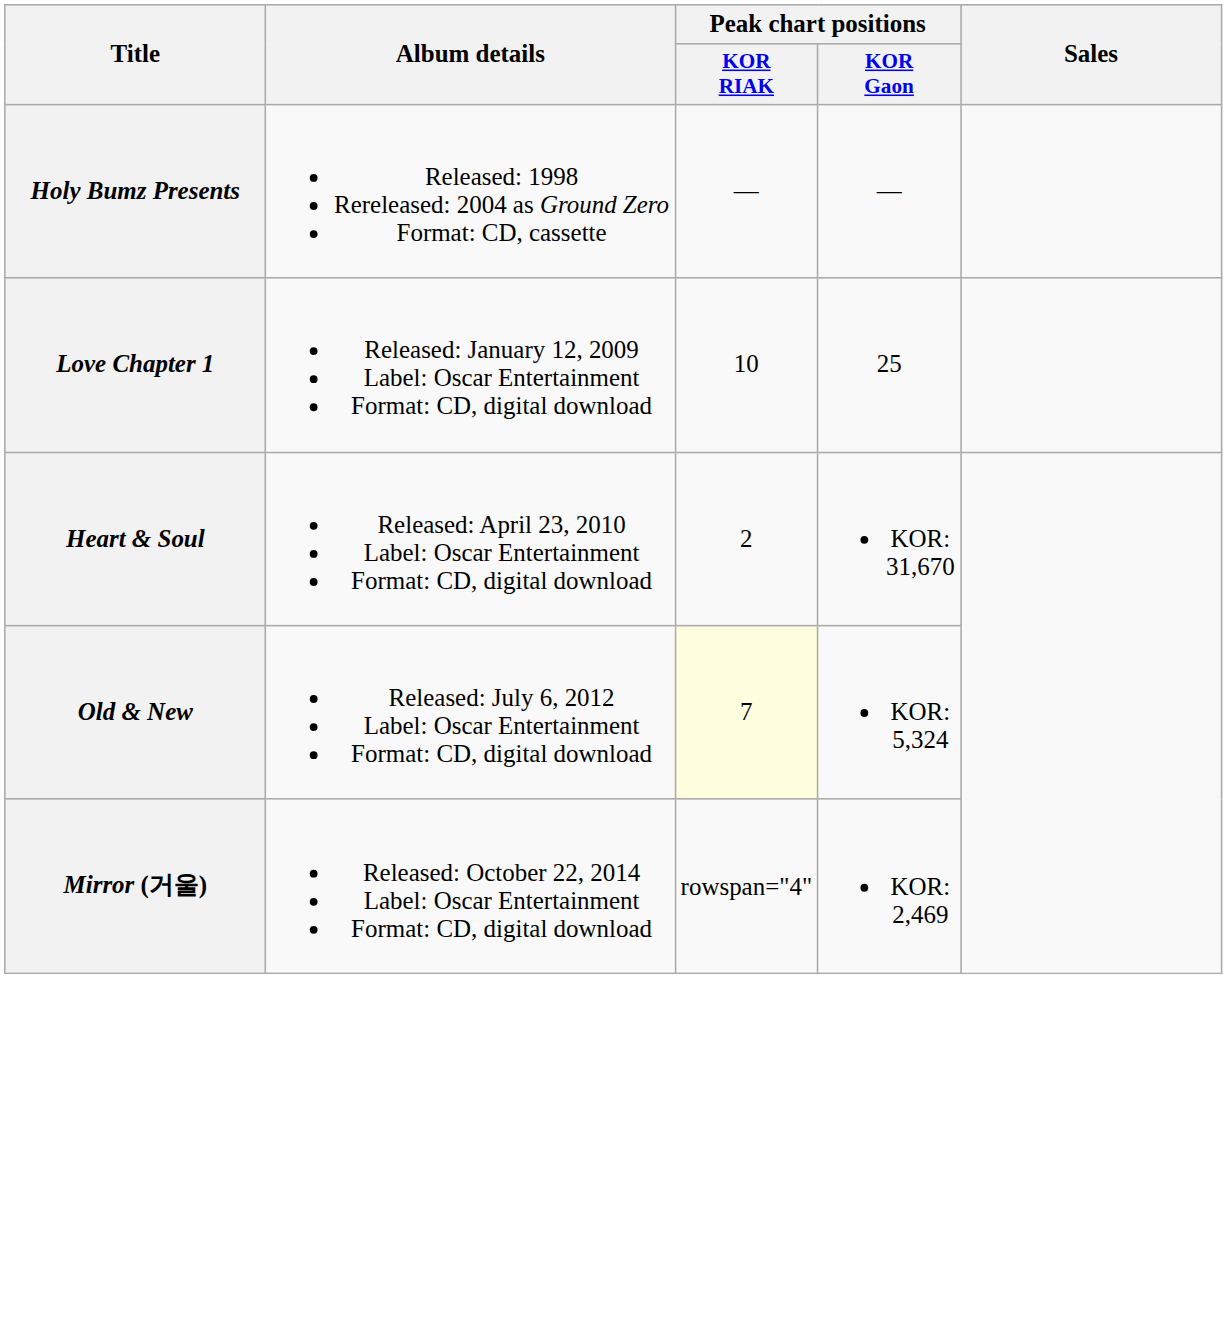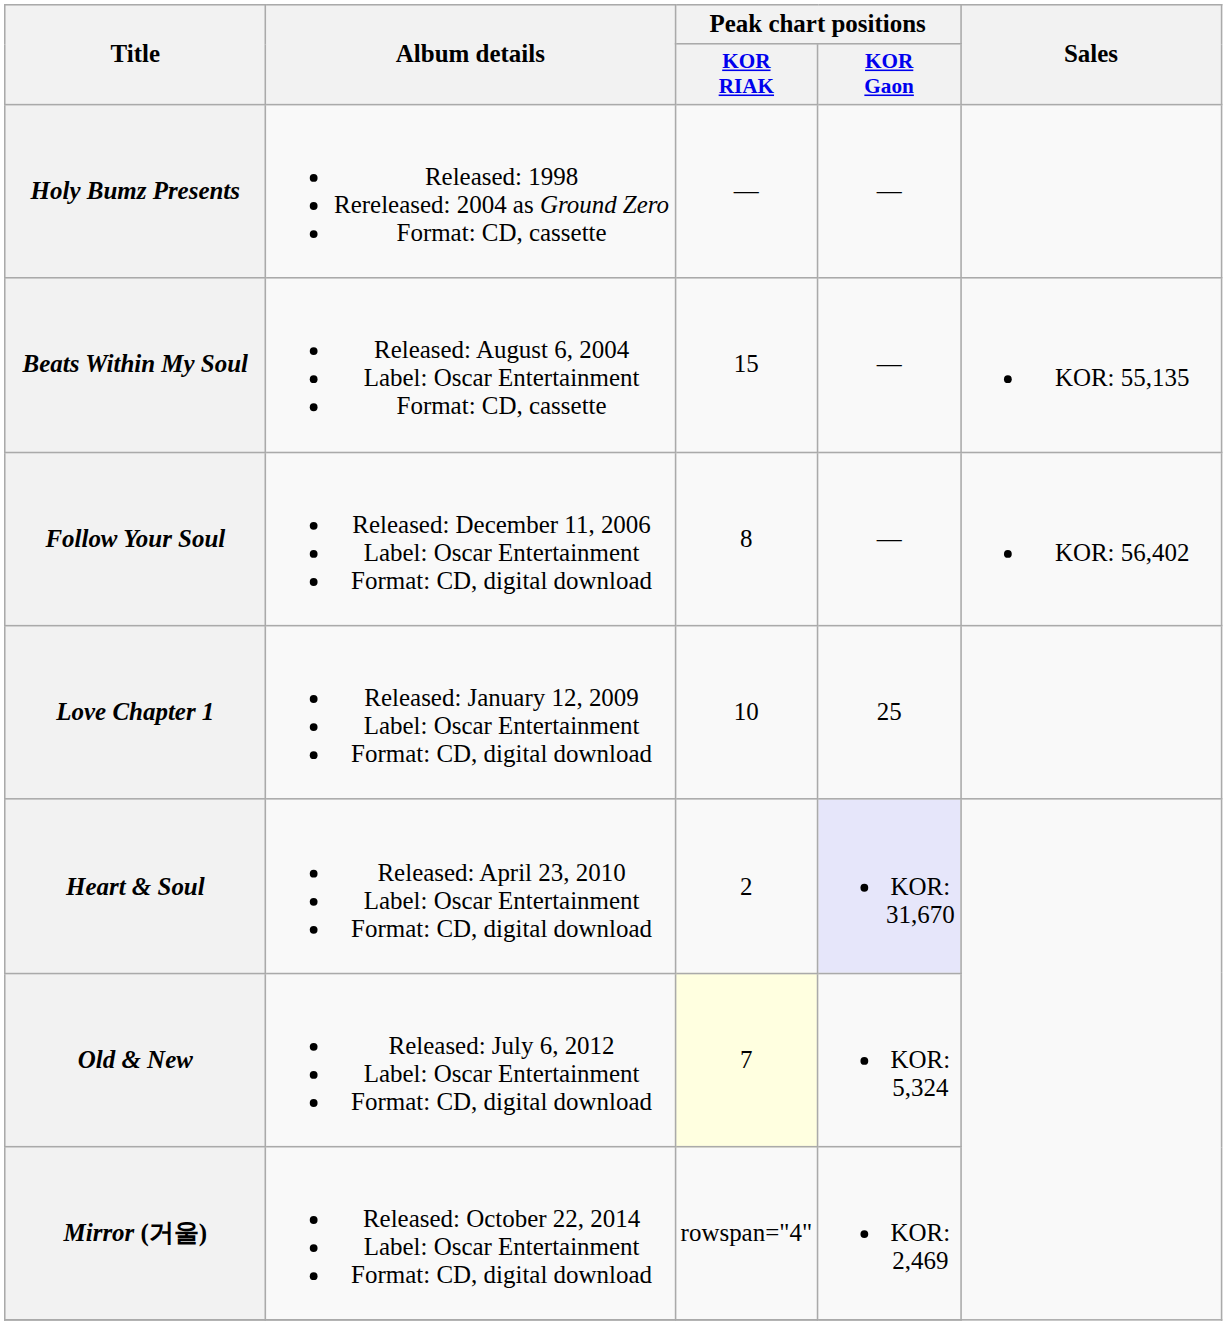 <table class="wikitable plainrowheaders" style="text-align:center;">
 <tr>
 <th rowspan="2" scope="col" style="width:10em;">Title</th>
 <th rowspan="2" scope="col">Album details</th>
 <th colspan="2" scope="col">Peak chart positions</th>
 <th rowspan="2" scope="col" style="width:10em;">Sales</th>
 </tr>
 <tr>
 <th scope="col" style="width:2.5em;font-size:85%;"><a href='#'>KOR<br>RIAK</a><br></th>
 <th scope="col" style="width:2.5em;font-size:85%;"><a href='#'>KOR<br>Gaon</a><br></th>
 </tr>
 <tr>
 <th scope="row"><em>Holy Bumz Presents</em></th>
 <td><br><ul><li>Released: 1998</li><li>Rereleased: 2004 as <em>Ground Zero</em></li><li>Format: CD, cassette</li></ul></td>
 <td>—</td>
 <td>—</td>
 <td></td>
 </tr>
 <tr>
+<th scope="row"><em>Beats Within My Soul</em></th>
+<td><br><ul><li>Released: August 6, 2004</li><li>Label: Oscar Entertainment</li><li>Format: CD, cassette</li></ul></td>
+<td>15</td>
+<td>—</td>
+<td><br><ul><li>KOR: 55,135</li></ul></td>
+</tr>
+<tr>
+<th scope="row"><em>Follow Your Soul</em></th>
+<td><br><ul><li>Released: December 11, 2006</li><li>Label: Oscar Entertainment</li><li>Format: CD, digital download</li></ul></td>
+<td>8</td>
+<td>—</td>
+<td><br><ul><li>KOR: 56,402</li></ul></td>
+</tr>
+<tr>
 <th scope="row"><em>Love Chapter 1</em></th>
 <td><br><ul><li>Released: January 12, 2009</li><li>Label: Oscar Entertainment</li><li>Format: CD, digital download</li></ul></td>
 <td>10</td>
 <td>25</td>
 <td></td>
 </tr>
 <tr>
 <th scope="row"><em>Heart & Soul</em></th>
 <td><br><ul><li>Released: April 23, 2010</li><li>Label: Oscar Entertainment</li><li>Format: CD, digital download</li></ul></td>
 <td>2</td>
-<td><br><ul><li>KOR: 31,670</li></ul></td>
+<td style="background: lavender;"><br><ul><li>KOR: 31,670</li></ul></td>
 </tr>
 <tr>
 <th scope="row"><em>Old & New</em></th>
 <td><br><ul><li>Released: July 6, 2012</li><li>Label: Oscar Entertainment</li><li>Format: CD, digital download</li></ul></td>
 <td style="background: lightyellow;">7</td>
 <td><br><ul><li>KOR: 5,324</li></ul></td>
 </tr>
 <tr>
 <th scope="row"><em>Mirror</em> (거울)</th>
 <td><br><ul><li>Released: October 22, 2014</li><li>Label: Oscar Entertainment</li><li>Format: CD, digital download</li></ul></td>
 <td>rowspan="4" </td>
 <td><br><ul><li>KOR: 2,469</li></ul></td>
 </tr>
 <tr>
 </tr>
 </table>
